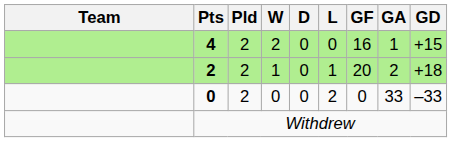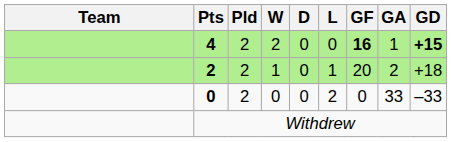 <table class="wikitable" style="text-align:center;">
 <tr>
 <th width=175>Team</th>
 <th width=20  abbr="Points">Pts</th>
 <th width=20  abbr="Played">Pld</th>
 <th width=20  abbr="Won">W</th>
 <th width=20  abbr="Drawn">D</th>
 <th width=20  abbr="Lost">L</th>
 <th width=20  abbr="Goals for">GF</th>
 <th width=20  abbr="Goals against">GA</th>
 <th width=20  abbr="Goal difference">GD</th>
 </tr>
 <tr style="background: #B0EE90;">
 <td align=left></td>
 <td><strong>4</strong></td>
 <td>2</td>
 <td>2</td>
 <td>0</td>
 <td>0</td>
-<td>16</td>
+<td><strong>16</strong></td>
 <td>1</td>
-<td>+15</td>
+<td><strong>+15</strong></td>
 </tr>
 <tr style="background: #B0EE90;">
 <td align=left></td>
 <td><strong>2</strong></td>
 <td>2</td>
 <td>1</td>
 <td>0</td>
 <td>1</td>
 <td>20</td>
 <td>2</td>
 <td>+18</td>
 </tr>
 <tr>
 <td align=left></td>
 <td><strong>0</strong></td>
 <td>2</td>
 <td>0</td>
 <td>0</td>
 <td>2</td>
 <td>0</td>
 <td>33</td>
 <td>–33</td>
 </tr>
 <tr>
 <td align=left></td>
 <td colspan=8><em>Withdrew</em></td>
 </tr>
 </table>
